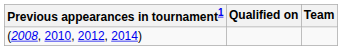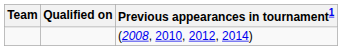 <table class="wikitable sortable" style="text-align: left;">
 <tr>
+<th>Team</th>
+<th>Qualified on</th>
 <th>Previous appearances in tournament<sup><strong><a href='#'>1</a></strong></sup></th>
-<th>Qualified on</th>
-<th>Team</th>
 </tr>
 <tr>
-<td> (<em><a href='#'>2008</a></em>, <a href='#'>2010</a>, <a href='#'>2012</a>, <a href='#'>2014</a>)</td>
 <td></td>
 <td></td>
+<td> (<em><a href='#'>2008</a></em>, <a href='#'>2010</a>, <a href='#'>2012</a>, <a href='#'>2014</a>)</td>
 </tr>
 </table>
